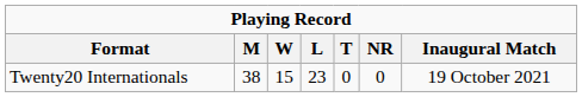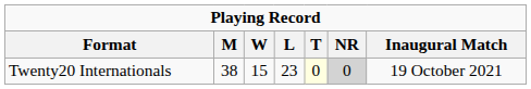 <table class="wikitable" style="text-align: center; width: 500px;">
 <tr>
 <td colspan=7 align="center"><strong>Playing Record</strong></td>
 </tr>
 <tr>
 <th>Format</th>
 <th>M</th>
 <th>W</th>
 <th>L</th>
 <th>T</th>
 <th>NR</th>
 <th>Inaugural Match</th>
 </tr>
 <tr>
 <td align="left">Twenty20 Internationals</td>
 <td>38</td>
 <td>15</td>
 <td>23</td>
-<td>0</td>
-<td>0</td>
+<td style="background: lightyellow;">0</td>
+<td style="background: lightgrey;">0</td>
 <td>19 October 2021</td>
 </tr>
 </table>
